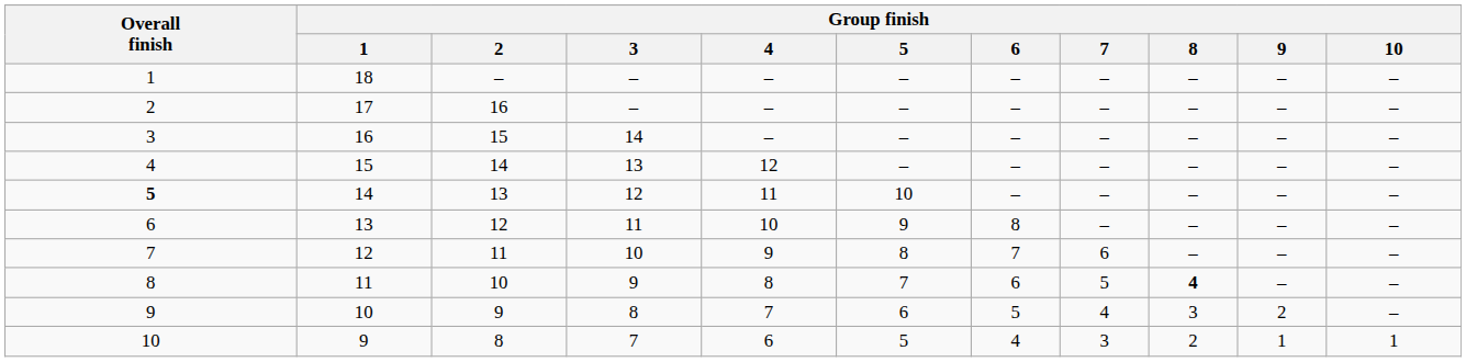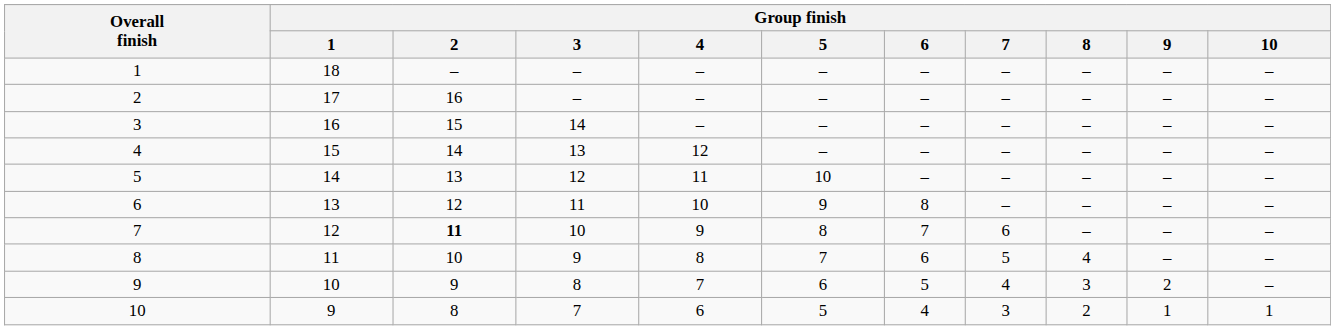 <table class="wikitable" width=100% style="text-align:center;">
 <tr>
 </tr>
 <tr style="background:#efefef;">
 <th rowspan=2 width=20%>Overall<br>finish</th>
 <th colspan=10>Group finish</th>
 </tr>
 <tr>
 <th>1</th>
 <th>2</th>
 <th>3</th>
 <th>4</th>
 <th>5</th>
 <th>6</th>
 <th>7</th>
 <th>8</th>
 <th>9</th>
 <th>10</th>
 </tr>
 <tr>
 <td>1</td>
 <td>18</td>
 <td>–</td>
 <td>–</td>
 <td>–</td>
 <td>–</td>
 <td>–</td>
 <td>–</td>
 <td>–</td>
 <td>–</td>
 <td>–</td>
 </tr>
 <tr>
 <td>2</td>
 <td>17</td>
 <td>16</td>
 <td>–</td>
 <td>–</td>
 <td>–</td>
 <td>–</td>
 <td>–</td>
 <td>–</td>
 <td>–</td>
 <td>–</td>
 </tr>
 <tr>
 <td>3</td>
 <td>16</td>
 <td>15</td>
 <td>14</td>
 <td>–</td>
 <td>–</td>
 <td>–</td>
 <td>–</td>
 <td>–</td>
 <td>–</td>
 <td>–</td>
 </tr>
 <tr>
 <td>4</td>
 <td>15</td>
 <td>14</td>
 <td>13</td>
 <td>12</td>
 <td>–</td>
 <td>–</td>
 <td>–</td>
 <td>–</td>
 <td>–</td>
 <td>–</td>
 </tr>
 <tr>
-<td><strong>5</strong></td>
+<td>5</td>
 <td>14</td>
 <td>13</td>
 <td>12</td>
 <td>11</td>
 <td>10</td>
 <td>–</td>
 <td>–</td>
 <td>–</td>
 <td>–</td>
 <td>–</td>
 </tr>
 <tr>
 <td>6</td>
 <td>13</td>
 <td>12</td>
 <td>11</td>
 <td>10</td>
 <td>9</td>
 <td>8</td>
 <td>–</td>
 <td>–</td>
 <td>–</td>
 <td>–</td>
 </tr>
 <tr>
 <td>7</td>
 <td>12</td>
-<td>11</td>
+<td><strong>11</strong></td>
 <td>10</td>
 <td>9</td>
 <td>8</td>
 <td>7</td>
 <td>6</td>
 <td>–</td>
 <td>–</td>
 <td>–</td>
 </tr>
 <tr>
 <td>8</td>
 <td>11</td>
 <td>10</td>
 <td>9</td>
 <td>8</td>
 <td>7</td>
 <td>6</td>
 <td>5</td>
-<td><strong>4</strong></td>
+<td>4</td>
 <td>–</td>
 <td>–</td>
 </tr>
 <tr>
 <td>9</td>
 <td>10</td>
 <td>9</td>
 <td>8</td>
 <td>7</td>
 <td>6</td>
 <td>5</td>
 <td>4</td>
 <td>3</td>
 <td>2</td>
 <td>–</td>
 </tr>
 <tr>
 <td>10</td>
 <td>9</td>
 <td>8</td>
 <td>7</td>
 <td>6</td>
 <td>5</td>
 <td>4</td>
 <td>3</td>
 <td>2</td>
 <td>1</td>
 <td>1</td>
 </tr>
 </table>
